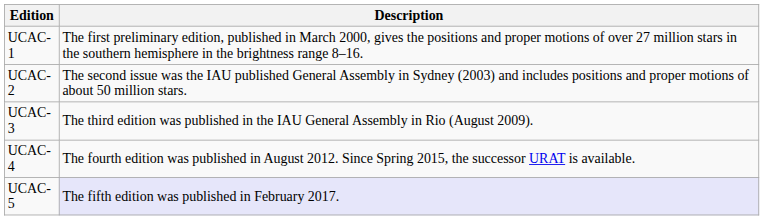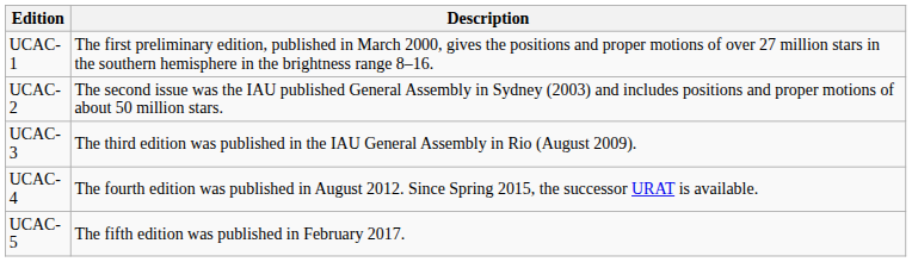 <table class="wikitable">
 <tr>
 <th>Edition</th>
 <th>Description</th>
 </tr>
 <tr>
 <td>UCAC-1</td>
 <td>The first preliminary edition, published in March 2000, gives the positions and proper motions of over 27 million stars in the southern hemisphere in the brightness range 8–16.</td>
 </tr>
 <tr>
 <td>UCAC-2</td>
 <td>The second issue was the IAU published General Assembly in Sydney (2003) and includes positions and proper motions of about 50 million stars.</td>
 </tr>
 <tr>
 <td>UCAC-3</td>
 <td>The third edition was published in the IAU General Assembly in Rio (August 2009).</td>
 </tr>
 <tr>
 <td>UCAC-4</td>
 <td>The fourth edition was published in August 2012. Since Spring 2015, the successor <a href='#'>URAT</a> is available.</td>
 </tr>
 <tr>
 <td>UCAC-5</td>
-<td style="background: lavender;">The fifth edition was published in February 2017.</td>
+<td>The fifth edition was published in February 2017.</td>
 </tr>
 </table>
